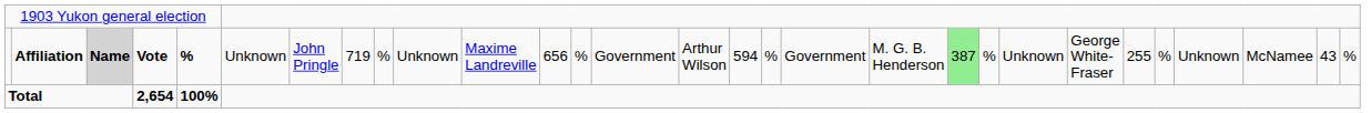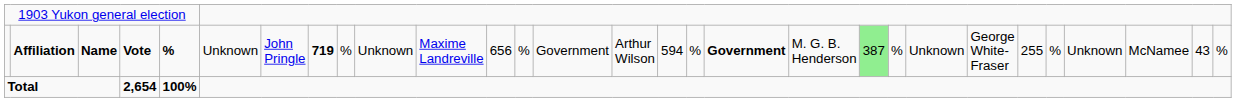 <table class="wikitable">
 <tr>
 <td colspan=5 align=center><a href='#'>1903 Yukon general election</a></td>
 </tr>
 <tr>
 <td></td>
 <td><strong>Affiliation</strong></td>
-<td style="background: lightgrey;"><strong>Name </strong></td>
+<td><strong>Name </strong></td>
 <td><strong>Vote</strong></td>
 <td><strong>%</strong><br></td>
 <td>Unknown</td>
 <td><a href='#'>John Pringle</a></td>
-<td>719</td>
+<td><strong>719</strong></td>
 <td>%<br></td>
 <td>Unknown</td>
 <td><a href='#'>Maxime Landreville</a></td>
 <td>656</td>
 <td>%<br></td>
 <td>Government</td>
 <td>Arthur Wilson</td>
 <td>594</td>
 <td>%<br></td>
-<td>Government</td>
+<td><strong>Government</strong></td>
 <td>M. G. B. Henderson</td>
 <td style="background: lightgreen;">387</td>
 <td>%<br></td>
 <td>Unknown</td>
 <td>George White-Fraser</td>
 <td>255</td>
 <td>%<br></td>
 <td>Unknown</td>
 <td>McNamee</td>
 <td>43</td>
 <td>%</td>
 </tr>
 <tr>
 <td colspan=3><strong>Total</strong></td>
 <td><strong>2,654</strong></td>
 <td><strong>100%</strong></td>
 </tr>
 </table>
